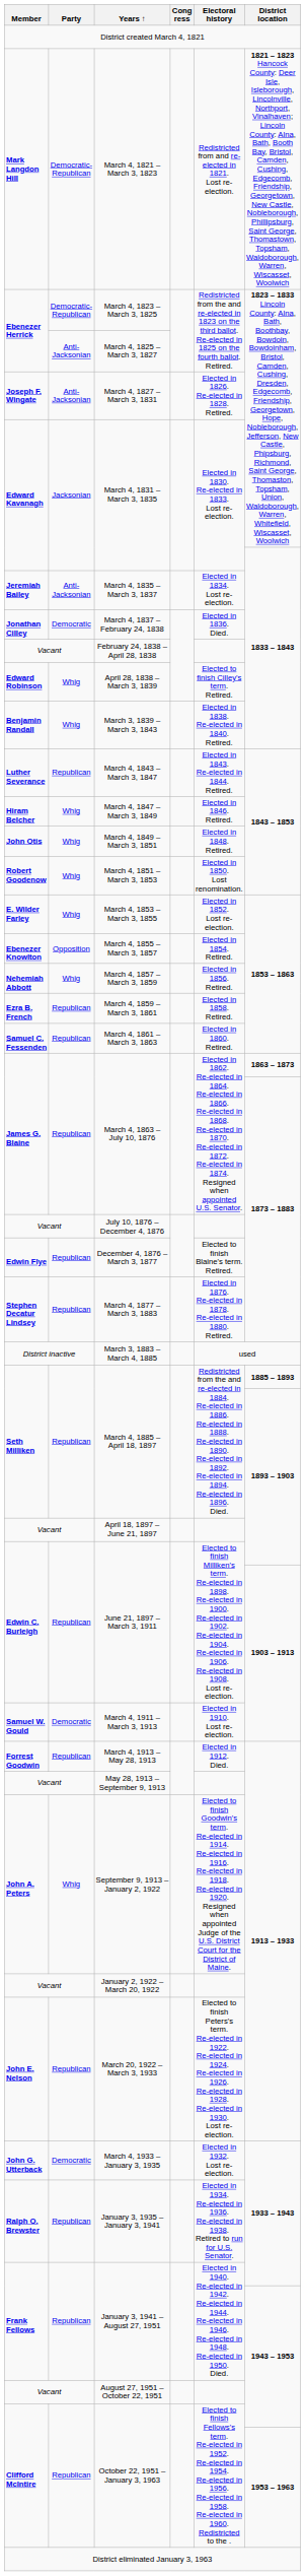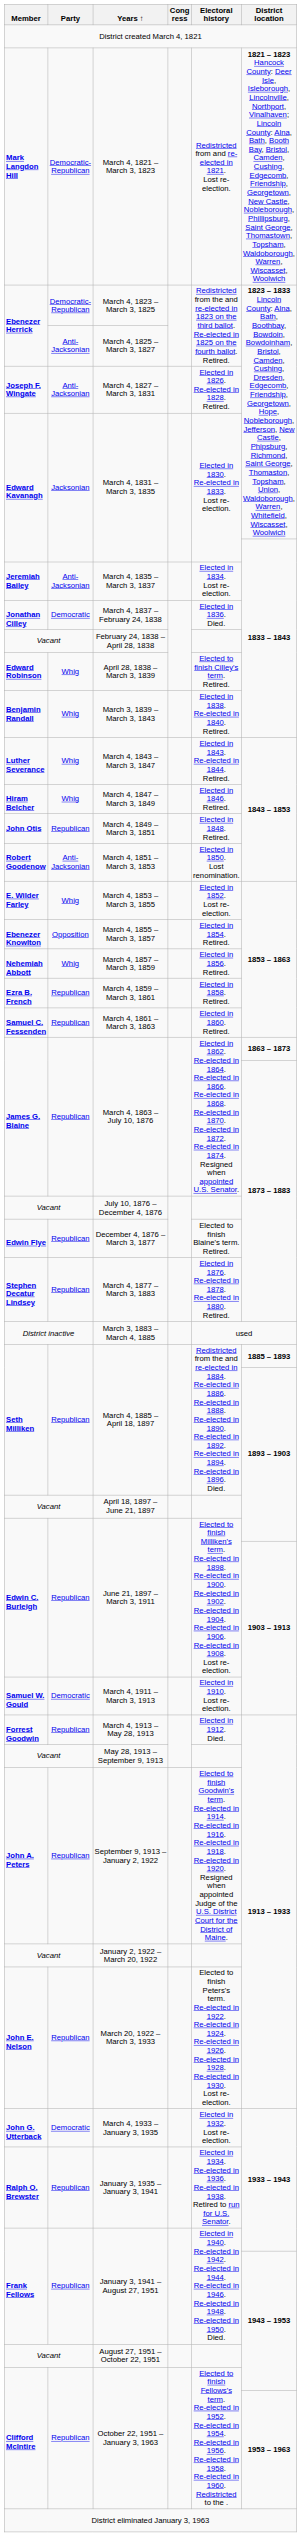 <table class=wikitable style="text-align:center">
 <tr valign=bottom>
 <th>Member</th>
 <th>Party</th>
 <th>Years ↑</th>
 <th>Cong<br>ress</th>
 <th>Electoral history</th>
 <th>District location</th>
 </tr>
 <tr style="height:3em">
 <td colspan=6>District created March 4, 1821</td>
 </tr>
 <tr style="height:3em">
 <td align=left><strong><a href='#'>Mark Langdon Hill</a></strong><br></td>
 <td><a href='#'>Democratic-Republican</a></td>
 <td nowrap>March 4, 1821 –<br>March 3, 1823</td>
 <td></td>
 <td><a href='#'>Redistricted</a> from  and <a href='#'>re-elected in 1821</a>.<br>Lost re-election.</td>
 <td><strong>1821 – 1823</strong><br><a href='#'>Hancock County</a>: <a href='#'>Deer Isle</a>, <a href='#'>Isleborough</a>, <a href='#'>Lincolnville</a>, <a href='#'>Northport</a>, <a href='#'>Vinalhaven</a>; <a href='#'>Lincoln County</a>: <a href='#'>Alna</a>, <a href='#'>Bath</a>, <a href='#'>Booth Bay</a>, <a href='#'>Bristol</a>, <a href='#'>Camden</a>, <a href='#'>Cushing</a>, <a href='#'>Edgecomb</a>, <a href='#'>Friendship</a>, <a href='#'>Georgetown</a>, <a href='#'>New Castle</a>, <a href='#'>Nobleborough</a>, <a href='#'>Phillipsburg</a>, <a href='#'>Saint George</a>, <a href='#'>Thomastown</a>, <a href='#'>Topsham</a>, <a href='#'>Waldoborough</a>, <a href='#'>Warren</a>, <a href='#'>Wiscasset</a>, <a href='#'>Woolwich</a></td>
 </tr>
 <tr style="height:3em">
 <td rowspan=2 align=left><strong><a href='#'>Ebenezer Herrick</a></strong><br></td>
 <td><a href='#'>Democratic-Republican</a></td>
 <td nowrap>March 4, 1823 –<br>March 3, 1825</td>
 <td rowspan=2></td>
 <td rowspan=2><a href='#'>Redistricted</a> from the  and <a href='#'>re-elected in 1823 on the third ballot</a>.<br><a href='#'>Re-elected in 1825 on the fourth ballot</a>.<br>Retired.</td>
 <td rowspan=4><strong>1823 – 1833</strong><br><a href='#'>Lincoln County</a>: <a href='#'>Alna</a>, <a href='#'>Bath</a>, <a href='#'>Boothbay</a>, <a href='#'>Bowdoin</a>, <a href='#'>Bowdoinham</a>, <a href='#'>Bristol</a>, <a href='#'>Camden</a>, <a href='#'>Cushing</a>, <a href='#'>Dresden</a>, <a href='#'>Edgecomb</a>, <a href='#'>Friendship</a>, <a href='#'>Georgetown</a>, <a href='#'>Hope</a>, <a href='#'>Nobleborough</a>, <a href='#'>Jefferson</a>, <a href='#'>New Castle</a>, <a href='#'>Phipsburg</a>, <a href='#'>Richmond</a>, <a href='#'>Saint George</a>, <a href='#'>Thomaston</a>, <a href='#'>Topsham</a>, <a href='#'>Union</a>, <a href='#'>Waldoborough</a>, <a href='#'>Warren</a>, <a href='#'>Whitefield</a>, <a href='#'>Wiscasset</a>, <a href='#'>Woolwich</a></td>
 </tr>
 <tr style="height:3em">
 <td><a href='#'>Anti-Jacksonian</a></td>
 <td nowrap>March 4, 1825 –<br>March 3, 1827</td>
 </tr>
 <tr style="height:3em">
 <td align=left><strong><a href='#'>Joseph F. Wingate</a></strong><br></td>
 <td><a href='#'>Anti-Jacksonian</a></td>
 <td nowrap>March 4, 1827 –<br>March 3, 1831</td>
 <td></td>
 <td><a href='#'>Elected in 1826</a>.<br><a href='#'>Re-elected in 1828</a>.<br>Retired.</td>
 </tr>
 <tr style="height:3em">
 <td rowspan=2 align=left><br><strong><a href='#'>Edward Kavanagh</a></strong><br></td>
 <td rowspan=2 ><a href='#'>Jacksonian</a></td>
 <td rowspan=2 nowrap>March 4, 1831 –<br>March 3, 1835</td>
 <td rowspan=2></td>
 <td rowspan=2><a href='#'>Elected in 1830</a>.<br><a href='#'>Re-elected in 1833</a>.<br>Lost re-election.</td>
 </tr>
 <tr style="height:3em">
 <td rowspan=6><strong>1833 – 1843</strong><br></td>
 </tr>
 <tr style="height:3em">
 <td align=left><strong><a href='#'>Jeremiah Bailey</a></strong><br></td>
 <td><a href='#'>Anti-Jacksonian</a></td>
 <td nowrap>March 4, 1835 –<br>March 3, 1837</td>
 <td></td>
 <td><a href='#'>Elected in 1834</a>.<br>Lost re-election.</td>
 </tr>
 <tr style="height:3em">
 <td align=left><br><strong><a href='#'>Jonathan Cilley</a></strong><br></td>
 <td><a href='#'>Democratic</a></td>
 <td nowrap>March 4, 1837 –<br>February 24, 1838</td>
 <td rowspan=3></td>
 <td><a href='#'>Elected in 1836</a>.<br>Died.</td>
 </tr>
 <tr style="height:3em">
 <td colspan=2><em>Vacant</em></td>
 <td nowrap>February 24, 1838 –<br>April 28, 1838</td>
 </tr>
 <tr style="height:3em">
 <td align=left><strong><a href='#'>Edward Robinson</a></strong><br></td>
 <td><a href='#'>Whig</a></td>
 <td nowrap>April 28, 1838 –<br>March 3, 1839</td>
 <td><a href='#'>Elected to finish Cilley's term</a>.<br>Retired.</td>
 </tr>
 <tr style="height:3em">
 <td align=left><strong><a href='#'>Benjamin Randall</a></strong><br></td>
 <td><a href='#'>Whig</a></td>
 <td nowrap>March 3, 1839 –<br>March 3, 1843</td>
 <td></td>
 <td><a href='#'>Elected in 1838</a>.<br><a href='#'>Re-elected in 1840</a>.<br>Retired.</td>
 </tr>
 <tr style="height:3em">
 <td align=left><br><strong><a href='#'>Luther Severance</a></strong><br></td>
-<td><a href='#'>Republican</a></td>
+<td><a href='#'>Whig</a></td>
 <td nowrap>March 4, 1843 –<br>March 3, 1847</td>
 <td></td>
 <td><a href='#'>Elected in 1843</a>.<br><a href='#'>Re-elected in 1844</a>.<br>Retired.</td>
 <td rowspan=4><strong>1843 – 1853</strong><br></td>
 </tr>
 <tr style="height:3em">
 <td align=left><br><strong><a href='#'>Hiram Belcher</a></strong><br></td>
 <td><a href='#'>Whig</a></td>
 <td nowrap>March 4, 1847 –<br>March 3, 1849</td>
 <td></td>
 <td><a href='#'>Elected in 1846</a>.<br>Retired.</td>
 </tr>
 <tr style="height:3em">
 <td align=left><strong><a href='#'>John Otis</a></strong><br></td>
-<td><a href='#'>Whig</a></td>
+<td><a href='#'>Republican</a></td>
 <td nowrap>March 4, 1849 –<br>March 3, 1851</td>
 <td></td>
 <td><a href='#'>Elected in 1848</a>.<br>Retired.</td>
 </tr>
 <tr style="height:3em">
 <td align=left><strong><a href='#'>Robert Goodenow</a></strong><br></td>
-<td><a href='#'>Whig</a></td>
+<td><a href='#'>Anti-Jacksonian</a></td>
 <td nowrap>March 4, 1851 –<br>March 3, 1853</td>
 <td></td>
 <td><a href='#'>Elected in 1850</a>.<br>Lost renomination.</td>
 </tr>
 <tr style="height:3em">
 <td align=left><strong><a href='#'>E. Wilder Farley</a></strong><br></td>
 <td><a href='#'>Whig</a></td>
 <td nowrap>March 4, 1853 –<br>March 3, 1855</td>
 <td></td>
 <td><a href='#'>Elected in 1852</a>.<br>Lost re-election.</td>
 <td rowspan=5><strong>1853 – 1863</strong><br></td>
 </tr>
 <tr style="height:3em">
 <td align=left><br><strong><a href='#'>Ebenezer Knowlton</a></strong><br></td>
 <td><a href='#'>Opposition</a></td>
 <td nowrap>March 4, 1855 –<br>March 3, 1857</td>
 <td></td>
 <td><a href='#'>Elected in 1854</a>.<br>Retired.</td>
 </tr>
 <tr style="height:3em">
 <td align=left><br><strong><a href='#'>Nehemiah Abbott</a></strong><br></td>
 <td><a href='#'>Whig</a></td>
 <td nowrap>March 4, 1857 –<br>March 3, 1859</td>
 <td></td>
 <td><a href='#'>Elected in 1856</a>.<br>Retired.</td>
 </tr>
 <tr style="height:3em">
 <td align=left><br><strong><a href='#'>Ezra B. French</a></strong><br></td>
 <td><a href='#'>Republican</a></td>
 <td nowrap>March 4, 1859 –<br>March 3, 1861</td>
 <td></td>
 <td><a href='#'>Elected in 1858</a>.<br>Retired.</td>
 </tr>
 <tr style="height:3em">
 <td align=left><br><strong><a href='#'>Samuel C. Fessenden</a></strong><br></td>
 <td><a href='#'>Republican</a></td>
 <td nowrap>March 4, 1861 –<br>March 3, 1863</td>
 <td></td>
 <td><a href='#'>Elected in 1860</a>.<br>Retired.</td>
 </tr>
 <tr style="height:3em">
 <td rowspan=2 align=left><br><strong><a href='#'>James G. Blaine</a></strong><br></td>
 <td rowspan=2 ><a href='#'>Republican</a></td>
 <td rowspan=2 nowrap>March 4, 1863 –<br>July 10, 1876</td>
 <td rowspan=2></td>
 <td rowspan=2><a href='#'>Elected in 1862</a>.<br><a href='#'>Re-elected in 1864</a>.<br><a href='#'>Re-elected in 1866</a>.<br><a href='#'>Re-elected in 1868</a>.<br><a href='#'>Re-elected in 1870</a>.<br><a href='#'>Re-elected in 1872</a>.<br><a href='#'>Re-elected in 1874</a>.<br>Resigned when <a href='#'>appointed U.S. Senator</a>.</td>
 <td><strong>1863 – 1873</strong><br></td>
 </tr>
 <tr style="height:3em">
 <td rowspan=4><strong>1873 – 1883</strong><br></td>
 </tr>
 <tr style="height:3em">
 <td colspan=2><em>Vacant</em></td>
 <td nowrap>July 10, 1876 –<br>December 4, 1876</td>
 <td rowspan=2></td>
 </tr>
 <tr style="height:3em">
 <td align=left><br><strong><a href='#'>Edwin Flye</a></strong><br></td>
 <td><a href='#'>Republican</a></td>
 <td nowrap>December 4, 1876 –<br>March 3, 1877</td>
 <td>Elected to finish Blaine's term.<br>Retired.</td>
 </tr>
 <tr style="height:3em">
 <td align=left><br><strong><a href='#'>Stephen Decatur Lindsey</a></strong><br></td>
 <td><a href='#'>Republican</a></td>
 <td nowrap>March 4, 1877 –<br>March 3, 1883</td>
 <td></td>
 <td><a href='#'>Elected in 1876</a>.<br><a href='#'>Re-elected in 1878</a>.<br><a href='#'>Re-elected in 1880</a>.<br>Retired.</td>
 </tr>
 <tr style="height:3em">
 <td colspan=2><em>District inactive</em></td>
 <td>March 3, 1883 –<br>March 4, 1885</td>
 <td></td>
 <td colspan=2> used</td>
 </tr>
 <tr style="height:3em">
 <td rowspan=2 align=left><br><strong><a href='#'>Seth Milliken</a></strong><br></td>
 <td rowspan=2 ><a href='#'>Republican</a></td>
 <td rowspan=2 nowrap>March 4, 1885 –<br>April 18, 1897</td>
 <td rowspan=2></td>
 <td rowspan=2><a href='#'>Redistricted</a> from the  and <a href='#'>re-elected in 1884</a>.<br><a href='#'>Re-elected in 1886</a>.<br><a href='#'>Re-elected in 1888</a>.<br><a href='#'>Re-elected in 1890</a>.<br><a href='#'>Re-elected in 1892</a>.<br><a href='#'>Re-elected in 1894</a>.<br><a href='#'>Re-elected in 1896</a>.<br>Died.</td>
 <td><strong>1885 – 1893</strong><br></td>
 </tr>
 <tr style="height:3em">
 <td rowspan=3><strong>1893 – 1903</strong><br></td>
 </tr>
 <tr style="height:3em">
 <td colspan=2><em>Vacant</em></td>
 <td nowrap>April 18, 1897 –<br>June 21, 1897</td>
 <td></td>
 <td></td>
 </tr>
 <tr style="height:3em">
 <td rowspan=2 align=left><br><strong><a href='#'>Edwin C. Burleigh</a></strong><br></td>
 <td rowspan=2 ><a href='#'>Republican</a></td>
 <td rowspan=2 nowrap>June 21, 1897 –<br>March 3, 1911</td>
 <td rowspan=2></td>
 <td rowspan=2><a href='#'>Elected to finish Milliken's term</a>.<br><a href='#'>Re-elected in 1898</a>.<br><a href='#'>Re-elected in 1900</a>.<br><a href='#'>Re-elected in 1902</a>.<br><a href='#'>Re-elected in 1904</a>.<br><a href='#'>Re-elected in 1906</a>.<br><a href='#'>Re-elected in 1908</a>.<br>Lost re-election.</td>
 </tr>
 <tr style="height:3em">
 <td rowspan=2><strong>1903 – 1913</strong><br></td>
 </tr>
 <tr style="height:3em">
 <td align=left><br><strong><a href='#'>Samuel W. Gould</a></strong><br></td>
 <td><a href='#'>Democratic</a></td>
 <td nowrap>March 4, 1911 –<br>March 3, 1913</td>
 <td></td>
 <td><a href='#'>Elected in 1910</a>.<br>Lost re-election.</td>
 </tr>
 <tr style="height:3em">
 <td align=left><br><strong><a href='#'>Forrest Goodwin</a></strong><br></td>
 <td><a href='#'>Republican</a></td>
 <td nowrap>March 4, 1913 –<br>May 28, 1913</td>
 <td rowspan=2></td>
 <td><a href='#'>Elected in 1912</a>.<br>Died.</td>
 <td rowspan=5><strong>1913 – 1933</strong><br></td>
 </tr>
 <tr style="height:3em">
 <td colspan=2><em>Vacant</em></td>
 <td nowrap>May 28, 1913 –<br>September 9, 1913</td>
 <td colspan=2></td>
 </tr>
 <tr style="height:3em">
 <td align=left><br><strong><a href='#'>John A. Peters</a></strong><br></td>
-<td><a href='#'>Whig</a></td>
+<td><a href='#'>Republican</a></td>
 <td nowrap>September 9, 1913 –<br>January 2, 1922</td>
 <td></td>
 <td><a href='#'>Elected to finish Goodwin's term</a>.<br><a href='#'>Re-elected in 1914</a>.<br><a href='#'>Re-elected in 1916</a>.<br><a href='#'>Re-elected in 1918</a>.<br><a href='#'>Re-elected in 1920</a>.<br>Resigned when appointed Judge of the <a href='#'>U.S. District Court for the District of Maine</a>.</td>
 </tr>
 <tr style="height:3em">
 <td colspan=2><em>Vacant</em></td>
 <td nowrap>January 2, 1922 –<br>March 20, 1922</td>
 <td></td>
 <td></td>
 </tr>
 <tr style="height:3em">
 <td align=left><br><strong><a href='#'>John E. Nelson</a></strong><br></td>
 <td><a href='#'>Republican</a></td>
 <td nowrap>March 20, 1922 –<br>March 3, 1933</td>
 <td></td>
 <td>Elected to finish Peters's term.<br><a href='#'>Re-elected in 1922</a>.<br><a href='#'>Re-elected in 1924</a>.<br><a href='#'>Re-elected in 1926</a>.<br><a href='#'>Re-elected in 1928</a>.<br><a href='#'>Re-elected in 1930</a>.<br>Lost re-election.</td>
 </tr>
 <tr style="height:3em">
 <td align=left><br><strong><a href='#'>John G. Utterback</a></strong><br></td>
 <td><a href='#'>Democratic</a></td>
 <td nowrap>March 4, 1933 –<br>January 3, 1935</td>
 <td></td>
 <td><a href='#'>Elected in 1932</a>.<br>Lost re-election.</td>
 <td rowspan=3><strong>1933 – 1943</strong><br></td>
 </tr>
 <tr style="height:3em">
 <td align=left><br><strong><a href='#'>Ralph O. Brewster</a></strong><br></td>
 <td><a href='#'>Republican</a></td>
 <td nowrap>January 3, 1935 –<br>January 3, 1941</td>
 <td></td>
 <td><a href='#'>Elected in 1934</a>.<br><a href='#'>Re-elected in 1936</a>.<br><a href='#'>Re-elected in 1938</a>.<br>Retired to <a href='#'>run for U.S. Senator</a>.</td>
 </tr>
 <tr style="height:3em">
 <td rowspan=2 align=left><br><strong><a href='#'>Frank Fellows</a></strong><br></td>
 <td rowspan=2 ><a href='#'>Republican</a></td>
 <td rowspan=2 nowrap>January 3, 1941 –<br>August 27, 1951</td>
 <td rowspan=2></td>
 <td rowspan=2><a href='#'>Elected in 1940</a>.<br><a href='#'>Re-elected in 1942</a>.<br><a href='#'>Re-elected in 1944</a>.<br><a href='#'>Re-elected in 1946</a>.<br><a href='#'>Re-elected in 1948</a>.<br><a href='#'>Re-elected in 1950</a>.<br>Died.</td>
 </tr>
 <tr style="heignt:3em">
 <td rowspan=3><strong>1943 – 1953</strong><br></td>
 </tr>
 <tr style="height:3em">
 <td colspan=2><em>Vacant</em></td>
 <td nowrap>August 27, 1951 –<br>October 22, 1951</td>
 <td></td>
 <td></td>
 </tr>
 <tr style="height:3em">
 <td rowspan=2 align=left><br><strong><a href='#'>Clifford McIntire</a></strong><br></td>
 <td rowspan=2 ><a href='#'>Republican</a></td>
 <td rowspan=2 nowrap>October 22, 1951 –<br>January 3, 1963</td>
 <td rowspan=2></td>
 <td rowspan=2><a href='#'>Elected to finish Fellows's term</a>.<br><a href='#'>Re-elected in 1952</a>.<br><a href='#'>Re-elected in 1954</a>.<br><a href='#'>Re-elected in 1956</a>.<br><a href='#'>Re-elected in 1958</a>.<br><a href='#'>Re-elected in 1960</a>.<br><a href='#'>Redistricted</a> to the .</td>
 </tr>
 <tr style="heignt:3em">
 <td><strong>1953 – 1963</strong><br></td>
 </tr>
 <tr style="height:3em">
 <td colspan=6>District eliminated January 3, 1963</td>
 </tr>
 </table>
